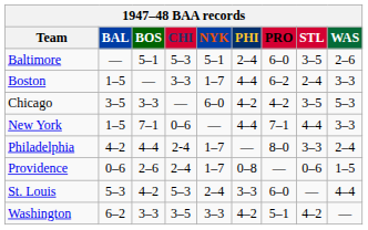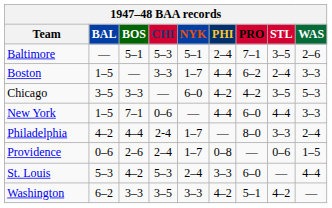 <table class="wikitable" style="font-size:95%; text-align:center;">
 <tr>
 <th colspan=12>1947–48 BAA records</th>
 </tr>
 <tr>
 <th width=100>Team</th>
 <th style="background: #003DA5;color:#FFFFFF;width=35">BAL</th>
 <th style="background:#006400;color:#FFFFFF;width=35">BOS</th>
 <th style="background:#D50032;color:#22356A;width=35">CHI</th>
 <th style="background:#003EA4;color:#E85109;width=35">NYK</th>
 <th style="background:#002F6C;color:#FFC72C;width=35">PHI</th>
 <th style="background:#D40032;color:#000000;width=35">PRO</th>
 <th style="background:#D40032;color:#FFFFFF;width=35">STL</th>
 <th style="background:#046B38;color:#FFFFFF;width=35">WAS</th>
 </tr>
 <tr>
 <td style="text-align:left;"><a href='#'>Baltimore</a></td>
 <td>—</td>
 <td>5–1</td>
 <td>5–3</td>
 <td>5–1</td>
 <td>2–4</td>
-<td>6–0</td>
+<td>7–1</td>
 <td>3–5</td>
 <td>2–6</td>
 </tr>
 <tr>
 <td style="text-align:left;"><a href='#'>Boston</a></td>
 <td>1–5</td>
 <td>—</td>
 <td>3–3</td>
 <td>1–7</td>
 <td>4–4</td>
 <td>6–2</td>
 <td>2–4</td>
 <td>3–3</td>
 </tr>
 <tr>
 <td style="text-align:left;">Chicago</td>
 <td>3–5</td>
 <td>3–3</td>
 <td>—</td>
 <td>6–0</td>
 <td>4–2</td>
 <td>4–2</td>
 <td>3–5</td>
 <td>5–3</td>
 </tr>
 <tr>
 <td style="text-align:left;"><a href='#'>New York</a></td>
 <td>1–5</td>
 <td>7–1</td>
 <td>0–6</td>
 <td>—</td>
 <td>4–4</td>
-<td>7–1</td>
+<td>6–0</td>
 <td>4–4</td>
 <td>3–3</td>
 </tr>
 <tr>
 <td style="text-align:left;"><a href='#'>Philadelphia</a></td>
 <td>4–2</td>
 <td>4–4</td>
 <td>2-4</td>
 <td>1–7</td>
 <td>—</td>
 <td>8–0</td>
 <td>3–3</td>
 <td>2–4</td>
 </tr>
 <tr>
 <td style="text-align:left;"><a href='#'>Providence</a></td>
 <td>0–6</td>
 <td>2–6</td>
 <td>2–4</td>
 <td>1–7</td>
 <td>0–8</td>
 <td>—</td>
 <td>0–6</td>
 <td>1–5</td>
 </tr>
 <tr>
 <td style="text-align:left;"><a href='#'>St. Louis</a></td>
 <td>5–3</td>
 <td>4–2</td>
 <td>5–3</td>
 <td>2–4</td>
 <td>3–3</td>
 <td>6–0</td>
 <td>—</td>
 <td>4–4</td>
 </tr>
 <tr>
 <td style="text-align:left;"><a href='#'>Washington</a></td>
 <td>6–2</td>
 <td>3–3</td>
 <td>3–5</td>
 <td>3–3</td>
 <td>4–2</td>
 <td>5–1</td>
 <td>4–2</td>
 <td>—</td>
 </tr>
 </table>
